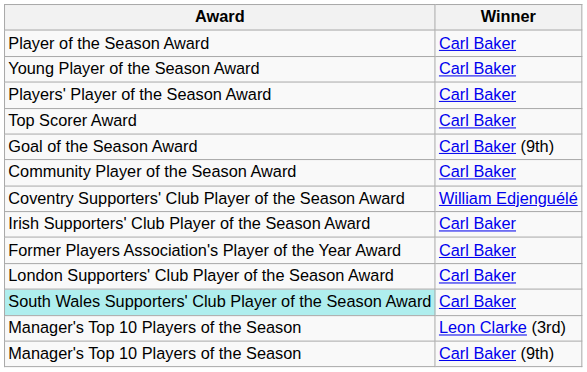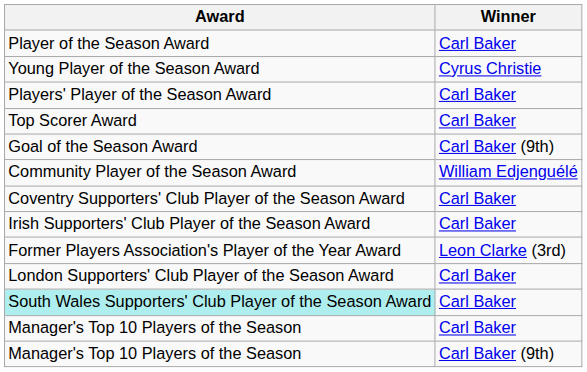 <table class="wikitable">
 <tr>
 <th>Award</th>
 <th>Winner</th>
 </tr>
 <tr>
 <td>Player of the Season Award</td>
 <td> <a href='#'>Carl Baker</a></td>
 </tr>
 <tr>
 <td>Young Player of the Season Award</td>
-<td> <a href='#'>Carl Baker</a></td>
+<td> <a href='#'>Cyrus Christie</a></td>
 </tr>
 <tr>
 <td>Players' Player of the Season Award</td>
 <td> <a href='#'>Carl Baker</a></td>
 </tr>
 <tr>
 <td>Top Scorer Award</td>
 <td> <a href='#'>Carl Baker</a></td>
 </tr>
 <tr>
 <td>Goal of the Season Award</td>
 <td> <a href='#'>Carl Baker</a> (9th)</td>
 </tr>
 <tr>
 <td>Community Player of the Season Award</td>
-<td> <a href='#'>Carl Baker</a></td>
+<td> <a href='#'>William Edjenguélé</a></td>
 </tr>
 <tr>
 <td>Coventry Supporters' Club Player of the Season Award</td>
-<td> <a href='#'>William Edjenguélé</a></td>
+<td> <a href='#'>Carl Baker</a></td>
 </tr>
 <tr>
 <td>Irish Supporters' Club Player of the Season Award</td>
 <td> <a href='#'>Carl Baker</a></td>
 </tr>
 <tr>
 <td>Former Players Association's Player of the Year Award</td>
-<td> <a href='#'>Carl Baker</a></td>
+<td> <a href='#'>Leon Clarke</a> (3rd)</td>
 </tr>
 <tr>
 <td>London Supporters' Club Player of the Season Award</td>
 <td> <a href='#'>Carl Baker</a></td>
 </tr>
 <tr>
 <td style="background: paleturquoise;">South Wales Supporters' Club Player of the Season Award</td>
 <td> <a href='#'>Carl Baker</a></td>
 </tr>
 <tr>
 <td>Manager's Top 10 Players of the Season</td>
-<td> <a href='#'>Leon Clarke</a> (3rd)</td>
+<td> <a href='#'>Carl Baker</a></td>
 </tr>
 <tr>
 <td>Manager's Top 10 Players of the Season</td>
 <td> <a href='#'>Carl Baker</a> (9th)</td>
 </tr>
 </table>
